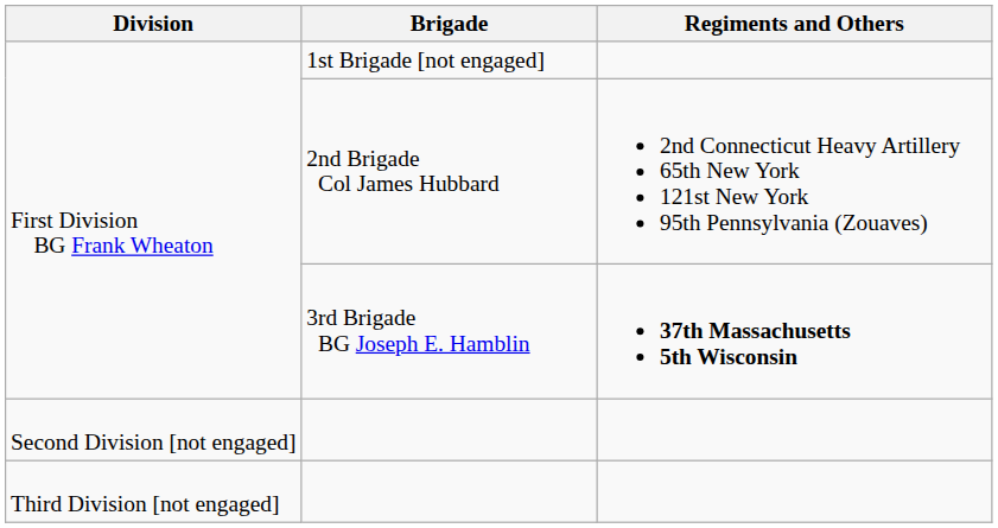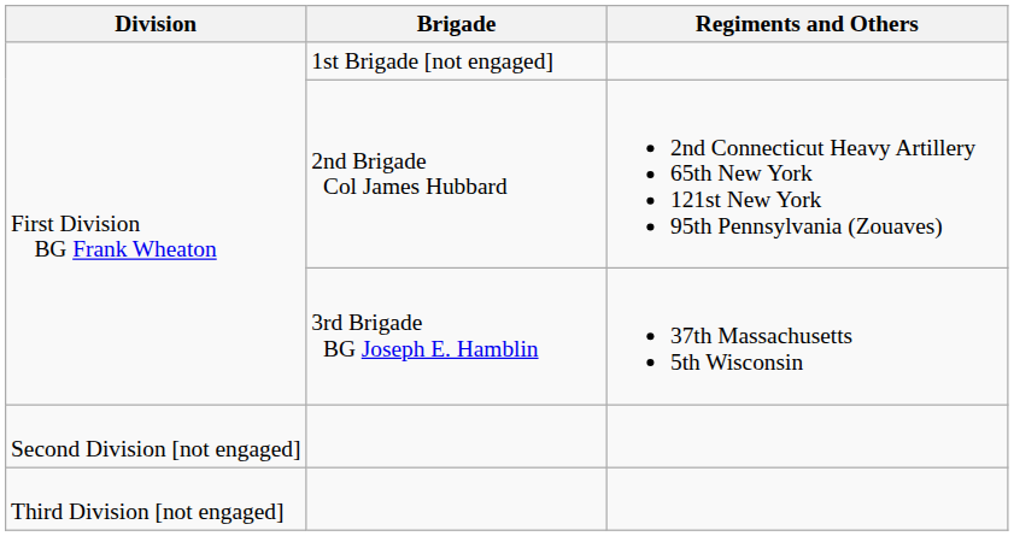 <table class="wikitable">
 <tr>
 <th width=30%>Division</th>
 <th width=30%>Brigade</th>
 <th>Regiments and Others</th>
 </tr>
 <tr>
 <td rowspan=3><br>First Division<br>     BG <a href='#'>Frank Wheaton</a></td>
 <td>1st Brigade [not engaged]</td>
 <td></td>
 </tr>
 <tr>
 <td>2nd Brigade<br>  Col James Hubbard</td>
 <td><br><ul><li>2nd Connecticut Heavy Artillery</li><li>65th New York</li><li>121st New York</li><li>95th Pennsylvania (Zouaves)</li></ul></td>
 </tr>
 <tr>
 <td>3rd Brigade<br>  BG <a href='#'>Joseph E. Hamblin</a></td>
-<td><strong><br><ul><li>37th Massachusetts</li><li>5th Wisconsin</li></ul></strong></td>
+<td><br><ul><li>37th Massachusetts</li><li>5th Wisconsin</li></ul></td>
 </tr>
 <tr>
 <td rowspan=1><br>Second Division [not engaged]</td>
 <td></td>
 <td></td>
 </tr>
 <tr>
 <td rowspan=1><br>Third Division [not engaged]</td>
 <td></td>
 <td></td>
 </tr>
 </table>
